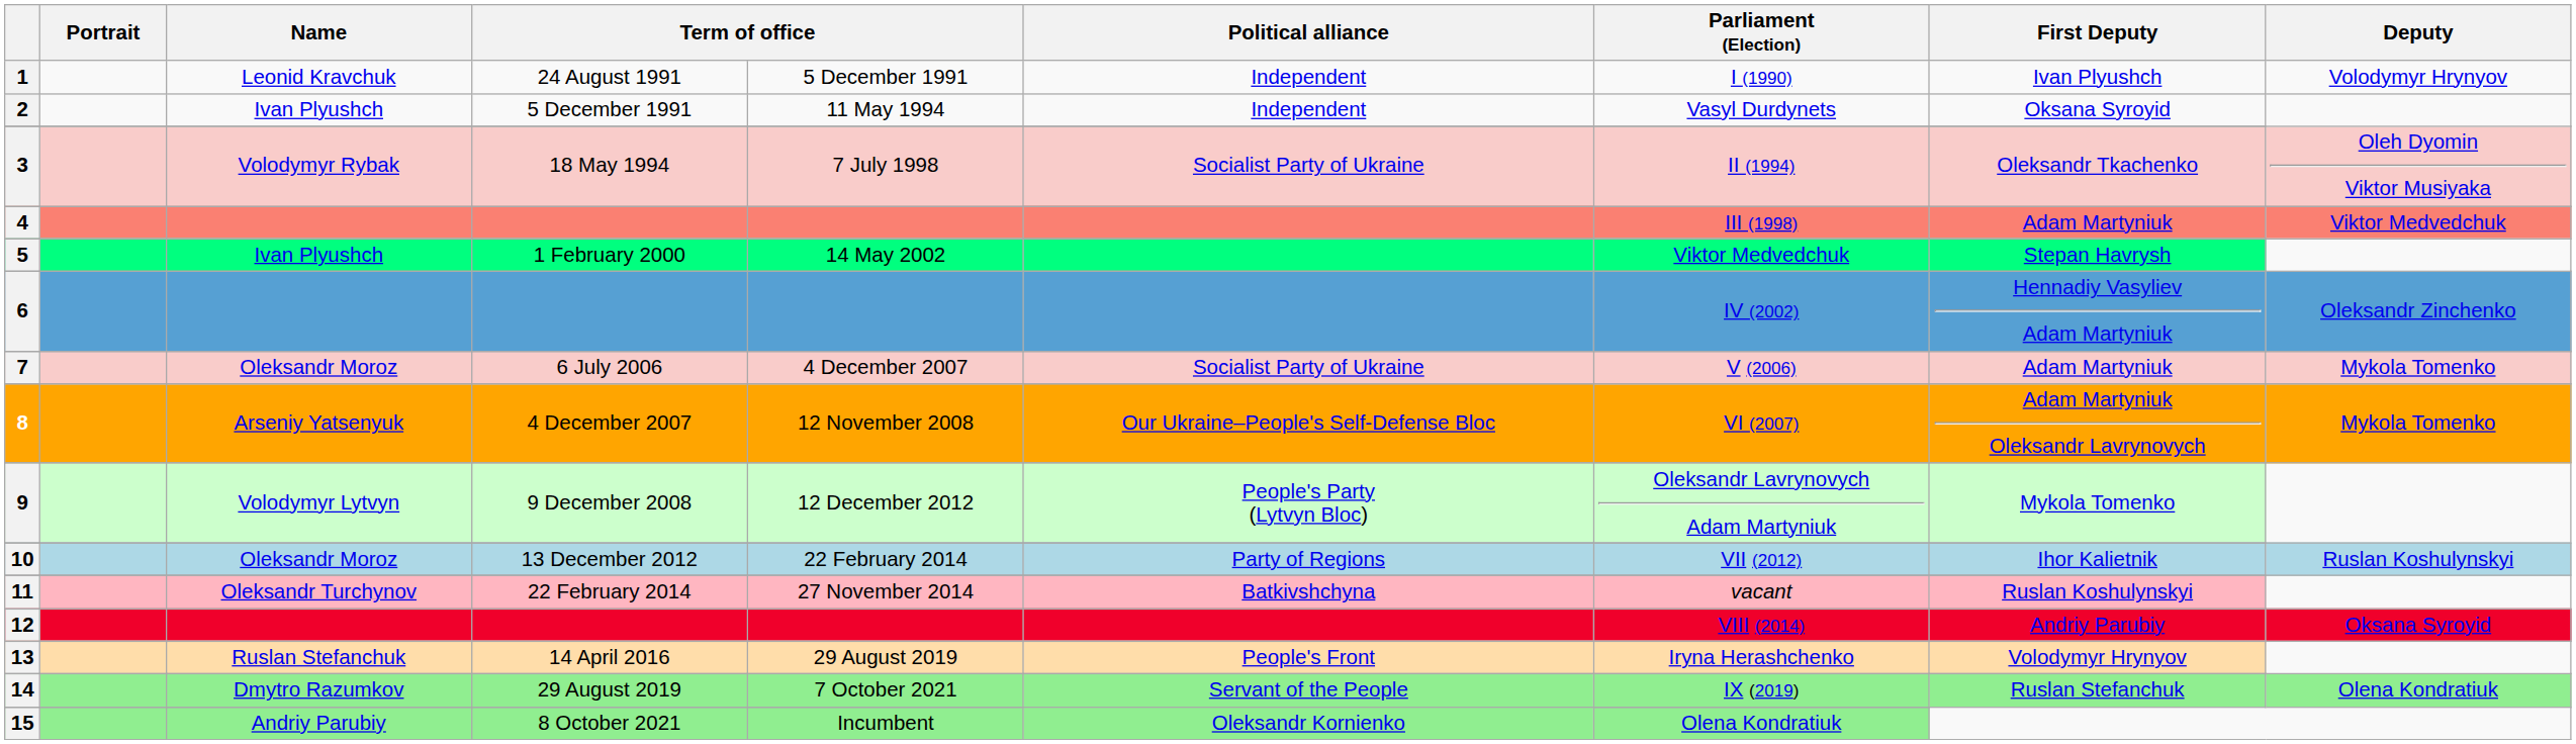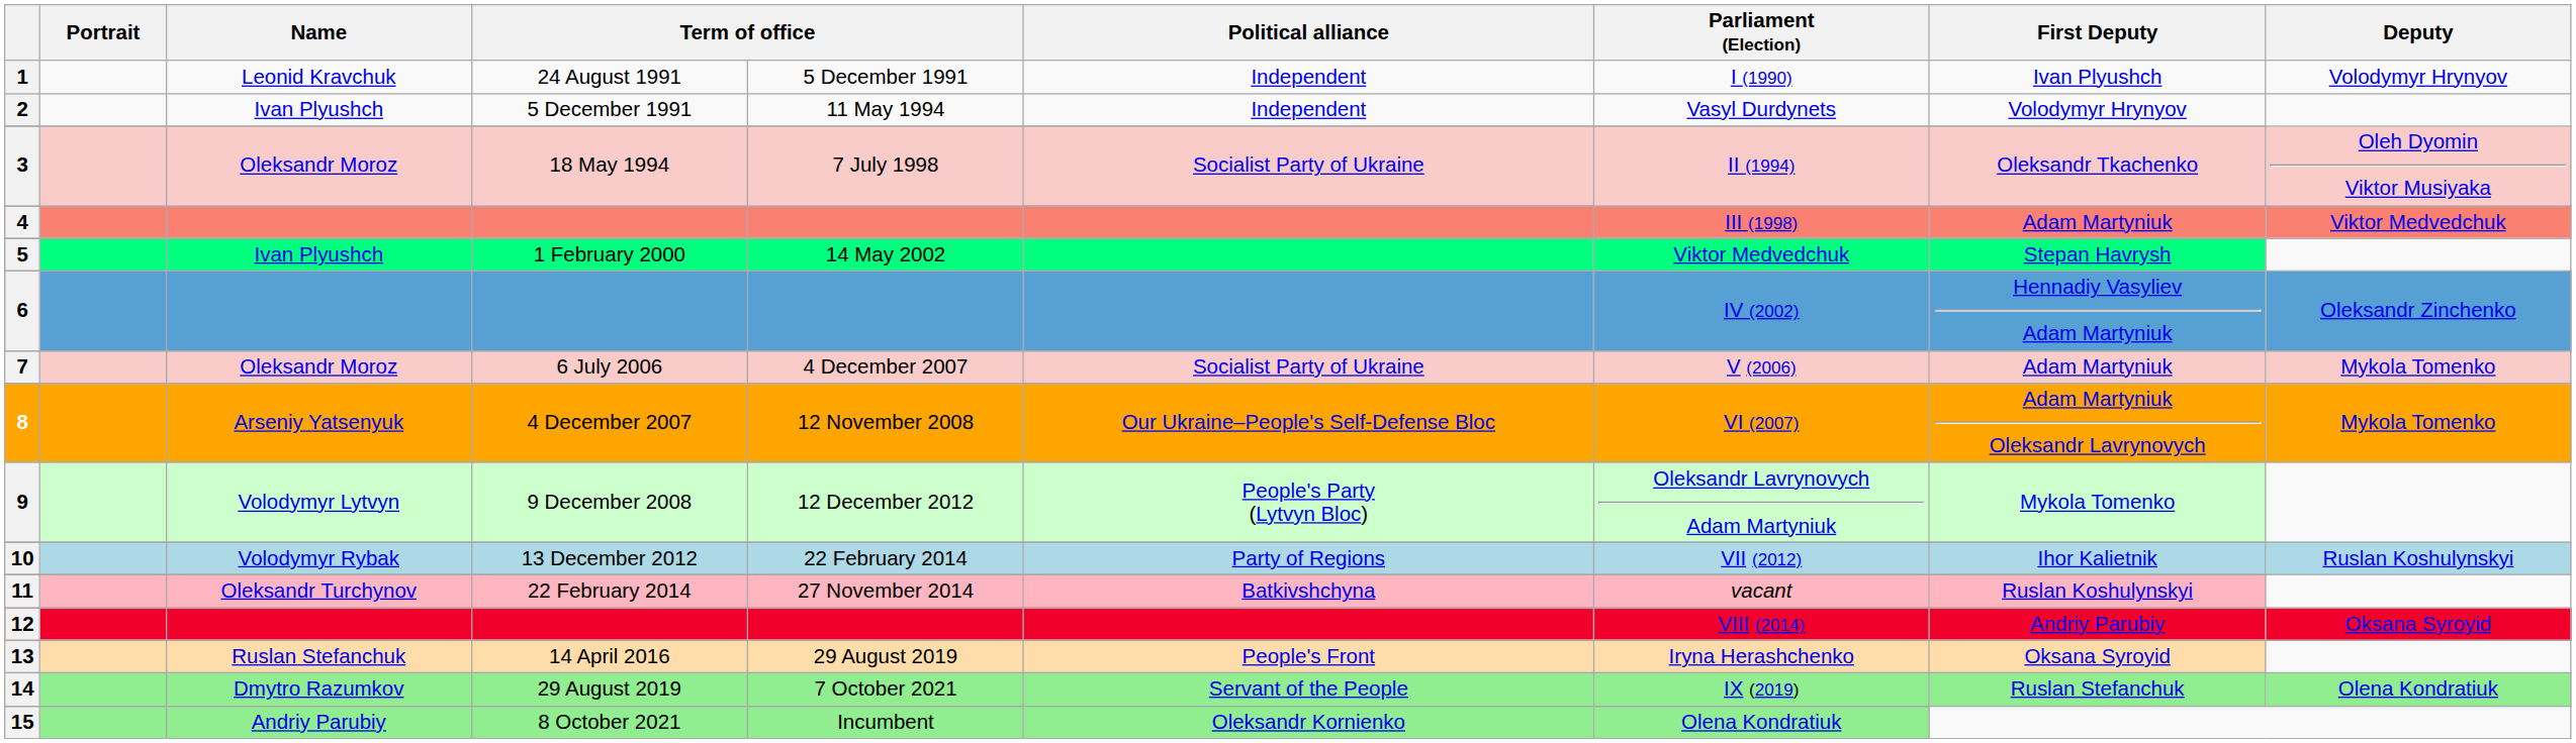 <table class="wikitable" width=100% style="text-align:center">
 <tr ->
 <th width=20></th>
 <th width=90>Portrait</th>
 <th>Name</th>
 <th colspan=2>Term of office</th>
 <th>Political alliance</th>
 <th>Parliament<br><small>(Election)</small></th>
 <th>First Deputy</th>
 <th>Deputy</th>
 </tr>
 <tr>
 <th style="background: ">1</th>
 <td></td>
 <td><a href='#'>Leonid Kravchuk</a></td>
 <td>24 August 1991</td>
 <td>5 December 1991</td>
 <td><a href='#'>Independent</a></td>
 <td><a href='#'>I <small>(1990)</small></a></td>
 <td><a href='#'>Ivan Plyushch</a></td>
 <td><a href='#'>Volodymyr Hrynyov</a></td>
 </tr>
 <tr>
 <th style="background: ">2</th>
 <td></td>
 <td><a href='#'>Ivan Plyushch</a></td>
 <td>5 December 1991</td>
 <td>11 May 1994</td>
 <td><a href='#'>Independent</a></td>
 <td><a href='#'>Vasyl Durdynets</a></td>
-<td><a href='#'>Oksana Syroyid</a></td>
+<td><a href='#'>Volodymyr Hrynyov</a></td>
 </tr>
 <tr ->
 </tr>
 <tr bgcolor="#F9CCCA">
 <th style="background:">3</th>
 <td></td>
-<td><a href='#'>Volodymyr Rybak</a></td>
+<td><a href='#'>Oleksandr Moroz</a></td>
 <td>18 May 1994</td>
 <td>7 July 1998</td>
 <td style="background:#F9CCCA"><a href='#'>Socialist Party of Ukraine</a></td>
 <td><a href='#'>II <small>(1994)</small></a></td>
 <td><a href='#'>Oleksandr Tkachenko</a></td>
 <td><a href='#'>Oleh Dyomin</a> <hr> <a href='#'>Viktor Musiyaka</a></td>
 </tr>
 <tr ->
 </tr>
 <tr bgcolor="#FA8072">
 <th style="background:">4</th>
 <td></td>
 <td></td>
 <td></td>
 <td></td>
 <td bgcolor="#FA8072"></td>
 <td><a href='#'>III <small>(1998)</small></a></td>
 <td><a href='#'>Adam Martyniuk</a></td>
 <td><a href='#'>Viktor Medvedchuk</a></td>
 </tr>
 <tr ->
 </tr>
 <tr bgcolor="SpringGreen">
 <th style="background: ">5</th>
 <td></td>
 <td><a href='#'>Ivan Plyushch</a></td>
 <td>1 February 2000</td>
 <td>14 May 2002</td>
 <td></td>
 <td><a href='#'>Viktor Medvedchuk</a></td>
 <td><a href='#'>Stepan Havrysh</a></td>
 </tr>
 <tr ->
 </tr>
 <tr bgcolor="#56A0D3">
 <th style="background:">6</th>
 <td></td>
 <td></td>
 <td></td>
 <td></td>
 <td></td>
 <td><a href='#'>IV <small>(2002)</small></a></td>
 <td><a href='#'>Hennadiy Vasyliev</a><hr><a href='#'>Adam Martyniuk</a></td>
 <td><a href='#'>Oleksandr Zinchenko</a></td>
 </tr>
 <tr ->
 </tr>
 <tr bgcolor="#F9CCCA">
 <th style="background:">7</th>
 <td></td>
 <td><a href='#'>Oleksandr Moroz</a></td>
 <td>6 July 2006</td>
 <td>4 December 2007</td>
 <td style="background:#F9CCCA"><a href='#'>Socialist Party of Ukraine</a></td>
 <td><a href='#'>V</a> <a href='#'><small>(2006)</small></a></td>
 <td><a href='#'>Adam Martyniuk</a></td>
 <td><a href='#'>Mykola Tomenko</a></td>
 </tr>
 <tr ->
 </tr>
 <tr bgcolor="orange">
 <th style="background:orange; color:white;">8</th>
 <td></td>
 <td><a href='#'>Arseniy Yatsenyuk</a></td>
 <td>4 December 2007</td>
 <td>12 November 2008</td>
 <td style="background:orange"><a href='#'>Our Ukraine–People's Self-Defense Bloc</a></td>
 <td><a href='#'>VI <small>(2007)</small></a></td>
 <td><a href='#'>Adam Martyniuk</a><hr><a href='#'>Oleksandr Lavrynovych</a></td>
 <td><a href='#'>Mykola Tomenko</a></td>
 </tr>
 <tr ->
 </tr>
 <tr bgcolor="#CCFFCC">
 <th style="background:">9</th>
 <td></td>
 <td><a href='#'>Volodymyr Lytvyn</a></td>
 <td>9 December 2008</td>
 <td>12 December 2012</td>
 <td bgcolor=#CCFFCC><a href='#'>People's Party</a><br>(<a href='#'>Lytvyn Bloc</a>)</td>
 <td><a href='#'>Oleksandr Lavrynovych</a> <hr><a href='#'>Adam Martyniuk</a></td>
 <td><a href='#'>Mykola Tomenko</a></td>
 </tr>
 <tr ->
 </tr>
 <tr bgcolor="#ADD8E6">
 <th style="background:">10</th>
 <td></td>
-<td><a href='#'>Oleksandr Moroz</a></td>
+<td><a href='#'>Volodymyr Rybak</a></td>
 <td>13 December 2012</td>
 <td>22 February 2014</td>
 <td style="background:#ADD8E6"><a href='#'>Party of Regions</a></td>
 <td><a href='#'>VII</a> <small><a href='#'>(2012)</a></small></td>
 <td><a href='#'>Ihor Kalietnik</a></td>
 <td><a href='#'>Ruslan Koshulynskyi</a></td>
 </tr>
 <tr ->
 </tr>
 <tr bgcolor="#FFB6C1">
 <th style="background:">11</th>
 <td></td>
 <td><a href='#'>Oleksandr Turchynov</a></td>
 <td>22 February 2014</td>
 <td>27 November 2014</td>
 <td style="background:#FFB6C1"><a href='#'>Batkivshchyna</a></td>
 <td><em>vacant</em></td>
 <td><a href='#'>Ruslan Koshulynskyi</a></td>
 </tr>
 <tr ->
 </tr>
 <tr bgcolor="#F0002B">
 <th style="background:">12</th>
 <td></td>
 <td></td>
 <td></td>
 <td></td>
 <td></td>
 <td><a href='#'>VIII</a> <small><a href='#'>(2014)</a></small></td>
 <td><a href='#'>Andriy Parubiy</a></td>
 <td><a href='#'>Oksana Syroyid</a></td>
 </tr>
 <tr ->
 </tr>
 <tr bgcolor="#ffddaa">
 <th style="background:">13</th>
 <td></td>
 <td><a href='#'>Ruslan Stefanchuk</a></td>
 <td>14 April 2016</td>
 <td>29 August 2019</td>
 <td><a href='#'>People's Front</a></td>
 <td><a href='#'>Iryna Herashchenko</a></td>
-<td><a href='#'>Volodymyr Hrynyov</a></td>
+<td><a href='#'>Oksana Syroyid</a></td>
 </tr>
 <tr ->
 </tr>
 <tr bgcolor="#90ee90">
 <th style="background:">14</th>
 <td></td>
 <td><a href='#'>Dmytro Razumkov</a></td>
 <td>29 August 2019</td>
 <td>7 October 2021</td>
 <td rowspan=2><a href='#'>Servant of the People</a></td>
 <td><a href='#'>IX</a> <small>(<a href='#'>2019</a>)</small></td>
 <td><a href='#'>Ruslan Stefanchuk</a></td>
 <td><a href='#'>Olena Kondratiuk</a></td>
 </tr>
 <tr ->
 </tr>
 <tr bgcolor="#90ee90">
 <th style="background:">15</th>
 <td></td>
 <td><a href='#'>Andriy Parubiy</a></td>
 <td>8 October 2021</td>
 <td>Incumbent</td>
 <td><a href='#'>Oleksandr Kornienko</a></td>
 <td><a href='#'>Olena Kondratiuk</a></td>
 </tr>
 <tr ->
 </tr>
 </table>
